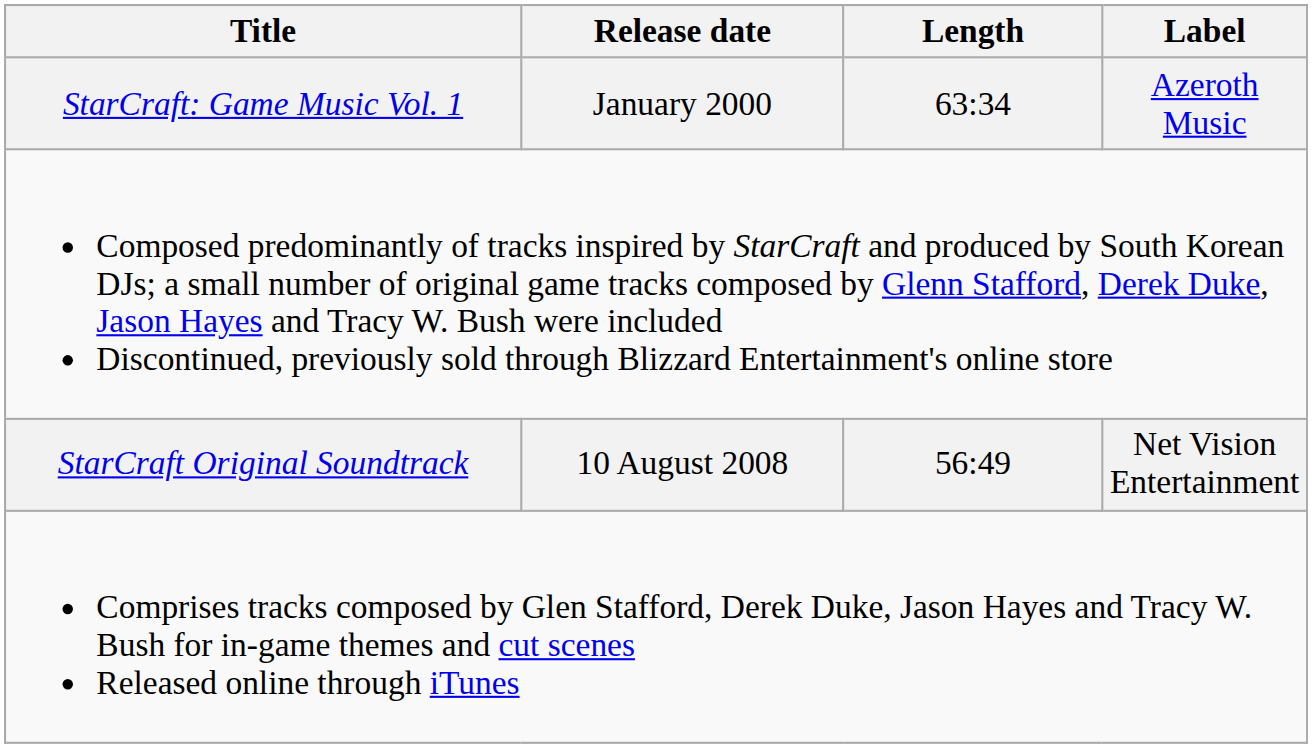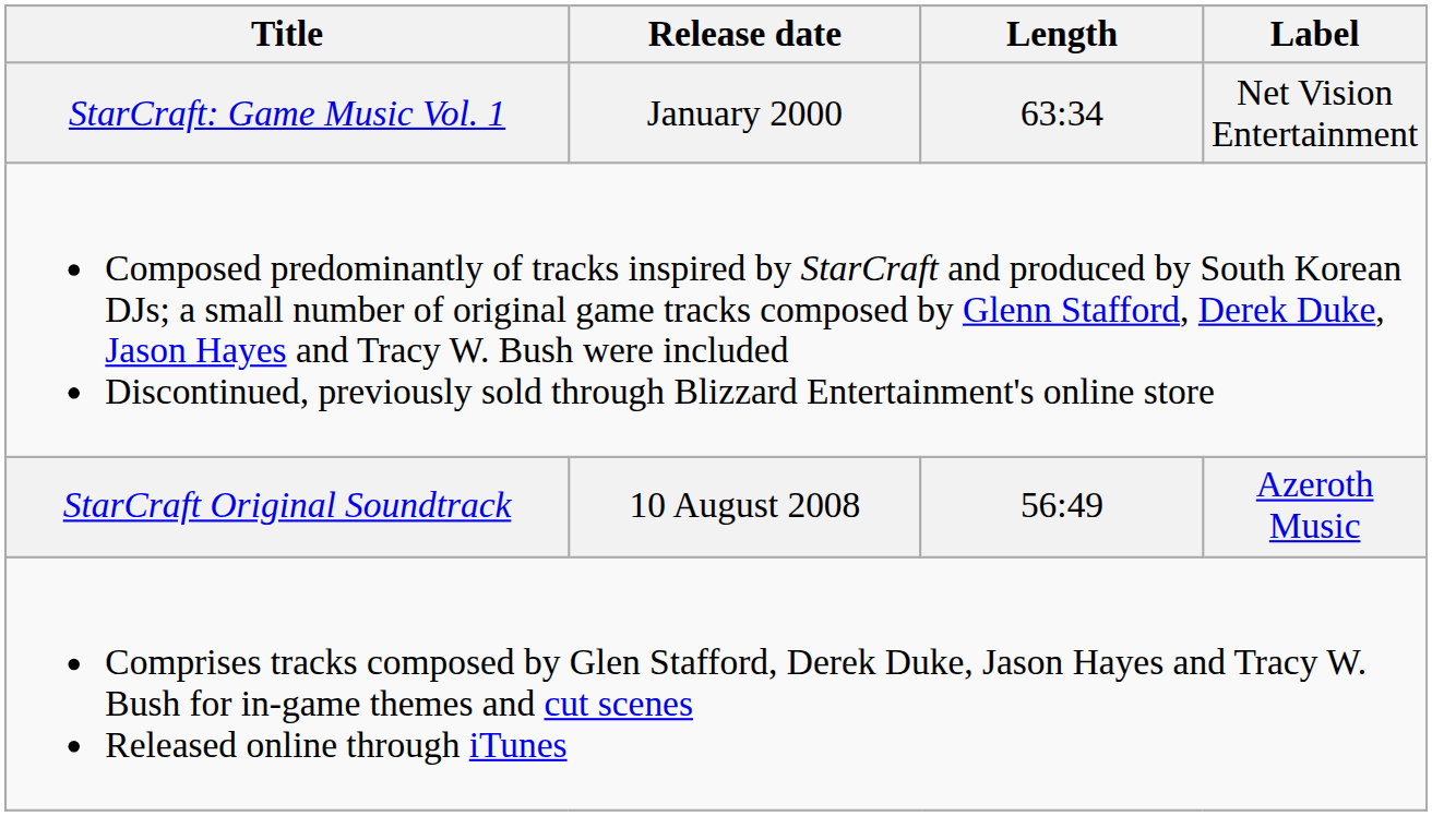 <table class="wikitable" width="100%">
 <tr style="text-align: center;">
 <th colspan="2" width="40%">Title</th>
 <th colspan="1" width="25%">Release date</th>
 <th colspan="1" width="20%">Length</th>
 <th colspan="1" width="45%">Label</th>
 </tr>
 <tr bgcolor="#F2F2F2" align="center">
 <td colspan="2"><em><a href='#'>StarCraft: Game Music Vol. 1</a></em></td>
 <td colspan="1">January 2000</td>
 <td colspan="1">63:34</td>
-<td colspan="1"><a href='#'>Azeroth Music</a></td>
+<td colspan="1">Net Vision Entertainment</td>
 </tr>
 <tr>
 <td colspan="5" style="border: none; vertical-align: top;"><br><ul><li>Composed predominantly of tracks inspired by <em>StarCraft</em> and produced by South Korean DJs; a small number of original game tracks composed by <a href='#'>Glenn Stafford</a>, <a href='#'>Derek Duke</a>, <a href='#'>Jason Hayes</a> and Tracy W. Bush were included</li><li>Discontinued, previously sold through Blizzard Entertainment's online store</li></ul></td>
 </tr>
 <tr bgcolor="#F2F2F2" align="center">
 <td colspan="2"><em><a href='#'>StarCraft Original Soundtrack</a></em></td>
 <td colspan="1">10 August 2008</td>
 <td colspan="1">56:49</td>
-<td colspan="1">Net Vision Entertainment</td>
+<td colspan="1"><a href='#'>Azeroth Music</a></td>
 </tr>
 <tr>
 <td colspan="5" style="border: none; vertical-align: top;"><br><ul><li>Comprises tracks composed by Glen Stafford, Derek Duke, Jason Hayes and Tracy W. Bush for in-game themes and <a href='#'>cut scenes</a></li><li>Released online through <a href='#'>iTunes</a></li></ul></td>
 </tr>
 </table>
